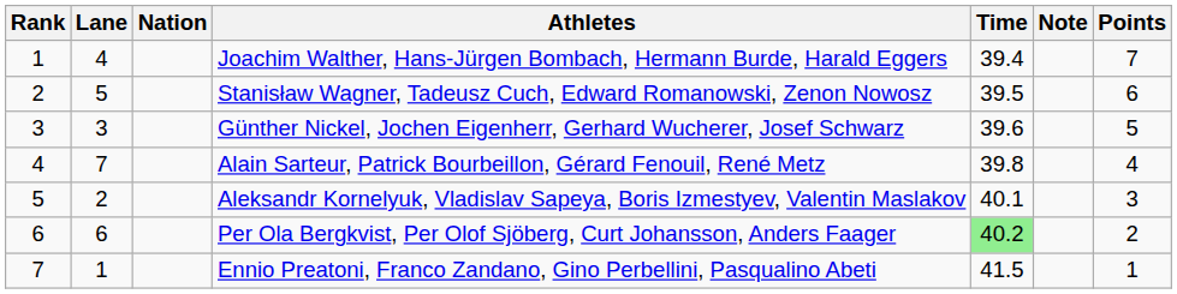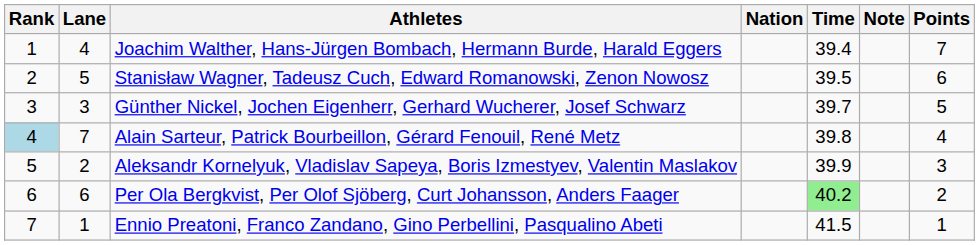 <table class="wikitable sortable" style="text-align:center">
 <tr>
 <th>Rank</th>
 <th>Lane</th>
+<th>Athletes</th>
 <th>Nation</th>
-<th>Athletes</th>
 <th>Time</th>
 <th>Note</th>
 <th>Points</th>
 </tr>
 <tr>
 <td>1</td>
 <td>4</td>
+<td align=left><a href='#'>Joachim Walther</a>, <a href='#'>Hans-Jürgen Bombach</a>, <a href='#'>Hermann Burde</a>, <a href='#'>Harald Eggers</a></td>
 <td align=left></td>
-<td align=left><a href='#'>Joachim Walther</a>, <a href='#'>Hans-Jürgen Bombach</a>, <a href='#'>Hermann Burde</a>, <a href='#'>Harald Eggers</a></td>
 <td>39.4</td>
 <td></td>
 <td>7</td>
 </tr>
 <tr>
 <td>2</td>
 <td>5</td>
+<td align=left><a href='#'>Stanisław Wagner</a>, <a href='#'>Tadeusz Cuch</a>, <a href='#'>Edward Romanowski</a>, <a href='#'>Zenon Nowosz</a></td>
 <td align=left></td>
-<td align=left><a href='#'>Stanisław Wagner</a>, <a href='#'>Tadeusz Cuch</a>, <a href='#'>Edward Romanowski</a>, <a href='#'>Zenon Nowosz</a></td>
 <td>39.5</td>
 <td></td>
 <td>6</td>
 </tr>
 <tr>
 <td>3</td>
 <td>3</td>
+<td align=left><a href='#'>Günther Nickel</a>, <a href='#'>Jochen Eigenherr</a>, <a href='#'>Gerhard Wucherer</a>, <a href='#'>Josef Schwarz</a></td>
 <td align=left></td>
-<td align=left><a href='#'>Günther Nickel</a>, <a href='#'>Jochen Eigenherr</a>, <a href='#'>Gerhard Wucherer</a>, <a href='#'>Josef Schwarz</a></td>
-<td>39.6</td>
+<td>39.7</td>
 <td></td>
 <td>5</td>
 </tr>
 <tr>
-<td>4</td>
+<td style="background: lightblue;">4</td>
 <td>7</td>
+<td align=left><a href='#'>Alain Sarteur</a>, <a href='#'>Patrick Bourbeillon</a>, <a href='#'>Gérard Fenouil</a>, <a href='#'>René Metz</a></td>
 <td align=left></td>
-<td align=left><a href='#'>Alain Sarteur</a>, <a href='#'>Patrick Bourbeillon</a>, <a href='#'>Gérard Fenouil</a>, <a href='#'>René Metz</a></td>
 <td>39.8</td>
 <td></td>
 <td>4</td>
 </tr>
 <tr>
 <td>5</td>
 <td>2</td>
+<td align=left><a href='#'>Aleksandr Kornelyuk</a>, <a href='#'>Vladislav Sapeya</a>, <a href='#'>Boris Izmestyev</a>, <a href='#'>Valentin Maslakov</a></td>
 <td align=left></td>
-<td align=left><a href='#'>Aleksandr Kornelyuk</a>, <a href='#'>Vladislav Sapeya</a>, <a href='#'>Boris Izmestyev</a>, <a href='#'>Valentin Maslakov</a></td>
-<td>40.1</td>
+<td>39.9</td>
 <td></td>
 <td>3</td>
 </tr>
 <tr>
 <td>6</td>
 <td>6</td>
+<td align=left><a href='#'>Per Ola Bergkvist</a>, <a href='#'>Per Olof Sjöberg</a>, <a href='#'>Curt Johansson</a>, <a href='#'>Anders Faager</a></td>
 <td align=left></td>
-<td align=left><a href='#'>Per Ola Bergkvist</a>, <a href='#'>Per Olof Sjöberg</a>, <a href='#'>Curt Johansson</a>, <a href='#'>Anders Faager</a></td>
 <td style="background: lightgreen;">40.2</td>
 <td></td>
 <td>2</td>
 </tr>
 <tr>
 <td>7</td>
 <td>1</td>
+<td align=left><a href='#'>Ennio Preatoni</a>, <a href='#'>Franco Zandano</a>, <a href='#'>Gino Perbellini</a>, <a href='#'>Pasqualino Abeti</a></td>
 <td align=left></td>
-<td align=left><a href='#'>Ennio Preatoni</a>, <a href='#'>Franco Zandano</a>, <a href='#'>Gino Perbellini</a>, <a href='#'>Pasqualino Abeti</a></td>
 <td>41.5</td>
 <td></td>
 <td>1</td>
 </tr>
 </table>
